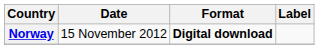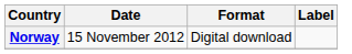 <table class="wikitable plainrowheaders">
 <tr>
 <th scope="col">Country</th>
 <th scope="col">Date</th>
 <th scope="col">Format</th>
 <th scope="col">Label</th>
 </tr>
 <tr>
 <th scope="row"><a href='#'>Norway</a></th>
 <td>15 November 2012</td>
-<td><strong>Digital download</strong></td>
+<td>Digital download</td>
 <td></td>
 </tr>
 <tr>
 </tr>
 </table>
